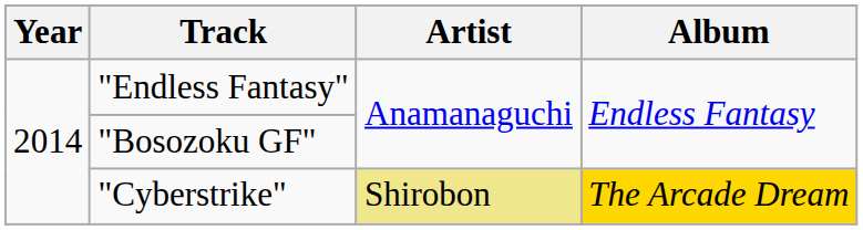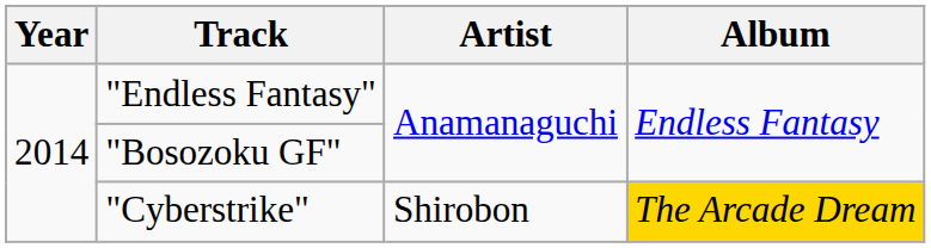 <table class="wikitable">
 <tr>
 <th>Year</th>
 <th>Track</th>
 <th>Artist</th>
 <th>Album</th>
 </tr>
 <tr>
 <td rowspan="3">2014</td>
 <td>"Endless Fantasy"</td>
 <td rowspan="2"><a href='#'>Anamanaguchi</a></td>
 <td rowspan="2"><em><a href='#'>Endless Fantasy</a></em></td>
 </tr>
 <tr>
 <td>"Bosozoku GF"</td>
 </tr>
 <tr>
 <td>"Cyberstrike"</td>
-<td style="background: khaki;">Shirobon</td>
+<td>Shirobon</td>
 <td style="background: gold;"><em>The Arcade Dream</em></td>
 </tr>
 </table>
